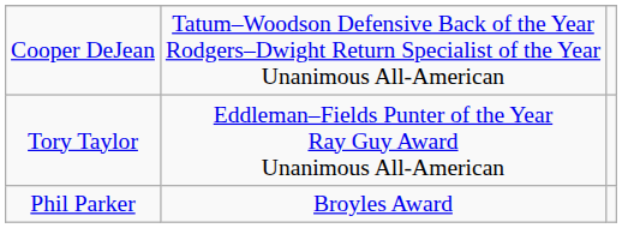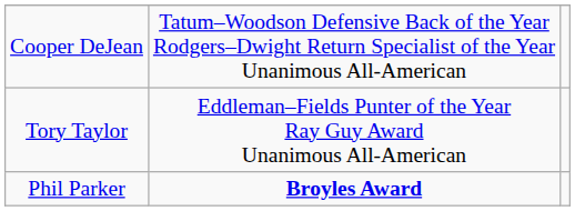 <table class="wikitable sortable sortable" style="text-align: center">
 <tr align=center>
 </tr>
 <tr>
 <td><a href='#'>Cooper DeJean</a></td>
 <td><a href='#'>Tatum–Woodson Defensive Back of the Year</a><br><a href='#'>Rodgers–Dwight Return Specialist of the Year</a><br>Unanimous All-American</td>
 <td></td>
 </tr>
 <tr>
 <td><a href='#'>Tory Taylor</a></td>
 <td><a href='#'>Eddleman–Fields Punter of the Year</a><br><a href='#'>Ray Guy Award</a><br>Unanimous All-American</td>
 <td></td>
 </tr>
 <tr>
 <td><a href='#'>Phil Parker</a></td>
-<td><a href='#'>Broyles Award</a></td>
+<td><strong><a href='#'>Broyles Award</a></strong></td>
 <td></td>
 </tr>
 </table>
